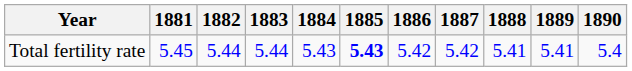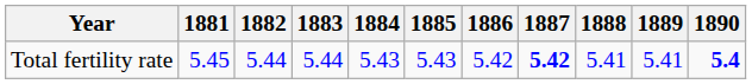 <table class="wikitable " style="text-align:right">
 <tr>
 <th>Year</th>
 <th>1881</th>
 <th>1882</th>
 <th>1883</th>
 <th>1884</th>
 <th>1885</th>
 <th>1886</th>
 <th>1887</th>
 <th>1888</th>
 <th>1889</th>
 <th>1890</th>
 </tr>
 <tr>
 <td align="left">Total fertility rate</td>
 <td style="text-align:right; color:blue;">5.45</td>
 <td style="text-align:right; color:blue;">5.44</td>
 <td style="text-align:right; color:blue;">5.44</td>
 <td style="text-align:right; color:blue;">5.43</td>
-<td style="text-align:right; color:blue;"><strong>5.43</strong></td>
+<td style="text-align:right; color:blue;">5.43</td>
 <td style="text-align:right; color:blue;">5.42</td>
-<td style="text-align:right; color:blue;">5.42</td>
+<td style="text-align:right; color:blue;"><strong>5.42</strong></td>
 <td style="text-align:right; color:blue;">5.41</td>
 <td style="text-align:right; color:blue;">5.41</td>
-<td style="text-align:right; color:blue;">5.4</td>
+<td style="text-align:right; color:blue;"><strong>5.4</strong></td>
 </tr>
 </table>
